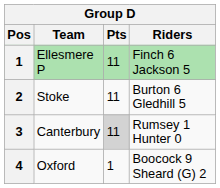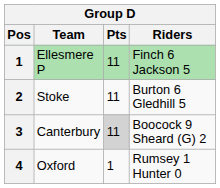 <table class="wikitable">
 <tr>
 <th colspan="4">Group D</th>
 </tr>
 <tr>
 <th width=20>Pos</th>
 <th width=80>Team</th>
 <th width=20>Pts</th>
 <th width=100>Riders</th>
 </tr>
 <tr style="background:#ACE1AF;">
 <th>1</th>
 <td>Ellesmere P</td>
 <td>11</td>
 <td>Finch 6<br>Jackson 5</td>
 </tr>
 <tr>
 <th>2</th>
 <td>Stoke</td>
 <td>11</td>
 <td>Burton 6<br>Gledhill 5</td>
 </tr>
 <tr>
 <th>3</th>
 <td>Canterbury</td>
 <td style="background: lightgrey;">11</td>
-<td>Rumsey 1<br>Hunter 0</td>
+<td>Boocock 9<br>Sheard (G) 2</td>
 </tr>
 <tr>
 <th>4</th>
 <td>Oxford</td>
 <td>1</td>
-<td>Boocock 9<br>Sheard (G) 2</td>
+<td>Rumsey 1<br>Hunter 0</td>
 </tr>
 </table>
